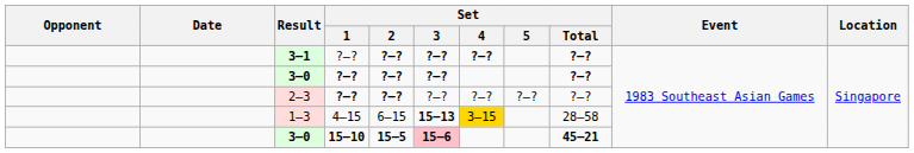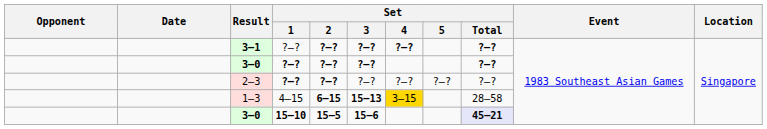 <table class="wikitable" style="font-size: 90%">
 <tr>
 <th rowspan=2 width=15%>Opponent</th>
 <th rowspan=2 width=15%>Date</th>
 <th rowspan=2 width=5%>Result</th>
 <th colspan=6>Set</th>
 <th rowspan=2 width=24%>Event</th>
 <th rowspan=2 width=16%>Location</th>
 </tr>
 <tr>
 <th width=5%>1</th>
 <th width=5%>2</th>
 <th width=5%>3</th>
 <th width=5%>4</th>
 <th width=5%>5</th>
 <th width=7%>Total</th>
 </tr>
 <tr style="text-align:center;">
 <td style="text-align:left;"></td>
 <td></td>
 <td style="background:#ddffdd;"><strong>3–1</strong></td>
 <td>?–?</td>
 <td><strong>?–?</strong></td>
 <td><strong>?–?</strong></td>
 <td><strong>?–?</strong></td>
 <td></td>
 <td><strong>?–?</strong></td>
 <td rowspan=5><a href='#'>1983 Southeast Asian Games</a></td>
 <td rowspan=5><a href='#'>Singapore</a></td>
 </tr>
 <tr style="text-align:center;">
 <td style="text-align:left;"></td>
 <td></td>
 <td style="background:#ddffdd;"><strong>3–0</strong></td>
 <td><strong>?–?</strong></td>
 <td><strong>?–?</strong></td>
 <td><strong>?–?</strong></td>
 <td></td>
 <td></td>
 <td><strong>?–?</strong></td>
 </tr>
 <tr style="text-align:center;">
 <td style="text-align:left;"></td>
 <td></td>
 <td style="background:#ffdddd;">2–3</td>
 <td><strong>?–?</strong></td>
 <td><strong>?–?</strong></td>
 <td>?–?</td>
 <td>?–?</td>
 <td>?–?</td>
 <td>?–?</td>
 </tr>
 <tr style="text-align:center;">
 <td style="text-align:left;"></td>
 <td></td>
 <td style="background:#ffdddd;">1–3</td>
 <td>4–15</td>
-<td>6–15</td>
+<td><strong>6–15</strong></td>
 <td><strong>15–13</strong></td>
 <td style="background: gold;">3–15</td>
 <td></td>
 <td>28–58</td>
 </tr>
 <tr style="text-align:center;">
 <td style="text-align:left;"></td>
 <td></td>
 <td style="background:#ddffdd;"><strong>3–0</strong></td>
 <td><strong>15–10</strong></td>
 <td><strong>15–5</strong></td>
-<td style="background: pink;"><strong>15–6</strong></td>
+<td><strong>15–6</strong></td>
 <td></td>
 <td></td>
-<td><strong>45–21</strong></td>
+<td style="background: lavender;"><strong>45–21</strong></td>
 </tr>
 </table>
